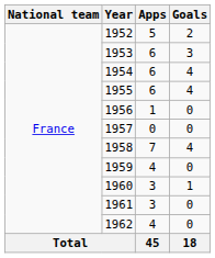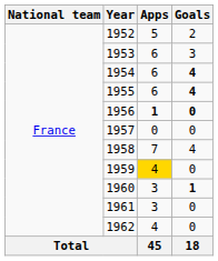 <table class="wikitable" style="text-align:center">
 <tr>
 <th>National team</th>
 <th>Year</th>
 <th>Apps</th>
 <th>Goals</th>
 </tr>
 <tr>
 <td rowspan="11"><a href='#'>France</a></td>
 <td>1952</td>
 <td>5</td>
 <td>2</td>
 </tr>
 <tr>
 <td>1953</td>
 <td>6</td>
 <td>3</td>
 </tr>
 <tr>
 <td>1954</td>
 <td>6</td>
-<td>4</td>
+<td><strong>4</strong></td>
 </tr>
 <tr>
 <td>1955</td>
 <td>6</td>
-<td>4</td>
+<td><strong>4</strong></td>
 </tr>
 <tr>
 <td>1956</td>
-<td>1</td>
-<td>0</td>
+<td><strong>1</strong></td>
+<td><strong>0</strong></td>
 </tr>
 <tr>
 <td>1957</td>
 <td>0</td>
 <td>0</td>
 </tr>
 <tr>
 <td>1958</td>
 <td>7</td>
 <td>4</td>
 </tr>
 <tr>
 <td>1959</td>
-<td>4</td>
+<td style="background: gold;">4</td>
 <td>0</td>
 </tr>
 <tr>
 <td>1960</td>
 <td>3</td>
-<td>1</td>
+<td><strong>1</strong></td>
 </tr>
 <tr>
 <td>1961</td>
 <td>3</td>
 <td>0</td>
 </tr>
 <tr>
 <td>1962</td>
 <td>4</td>
 <td>0</td>
 </tr>
 <tr>
 <th colspan="2">Total</th>
 <th>45</th>
 <th>18</th>
 </tr>
 </table>
